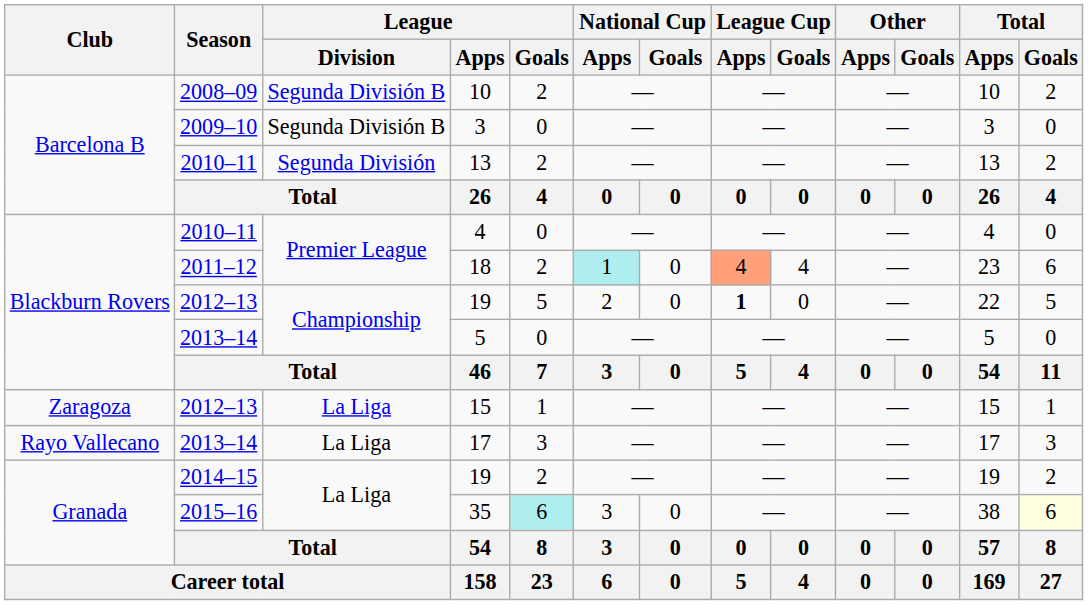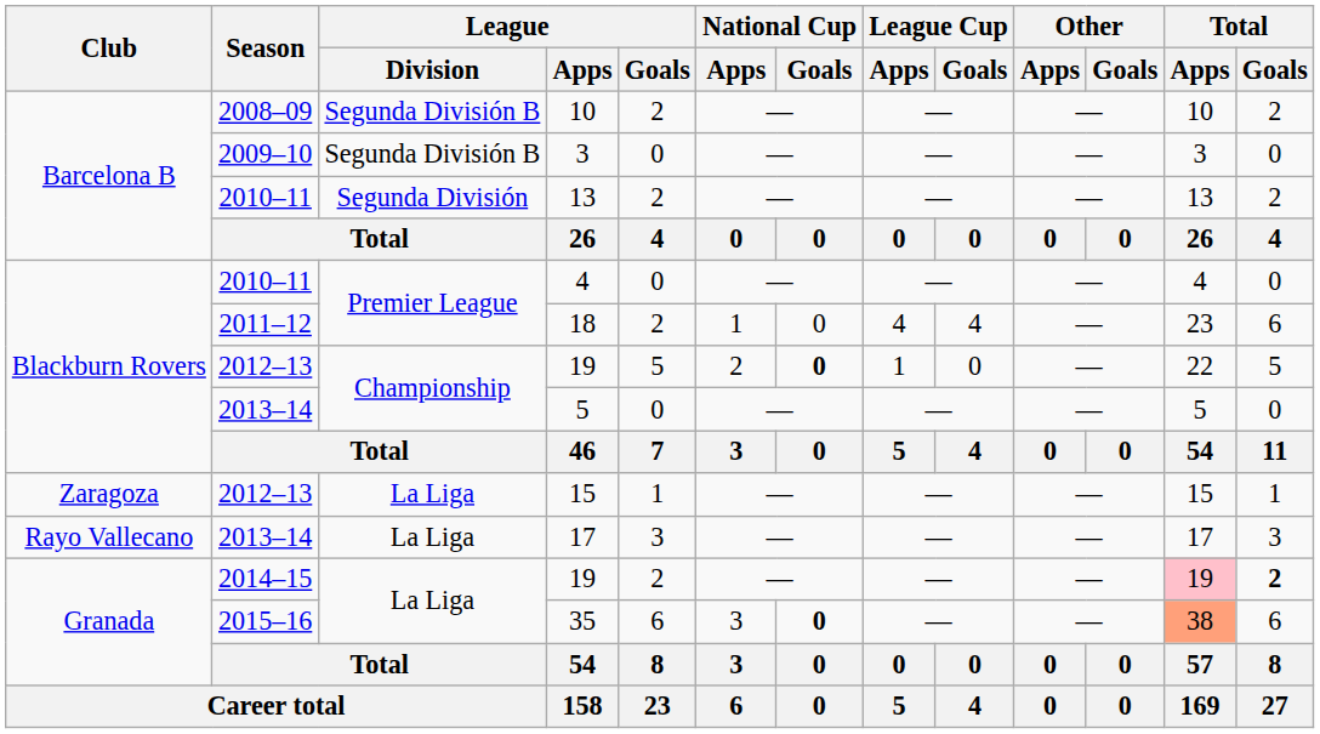 <table class="wikitable" style="text-align: center;">
 <tr>
 <th rowspan="2">Club</th>
 <th rowspan="2">Season</th>
 <th colspan="3">League</th>
 <th colspan="2">National Cup</th>
 <th colspan="2">League Cup</th>
 <th colspan="2">Other</th>
 <th colspan="2">Total</th>
 </tr>
 <tr>
 <th>Division</th>
 <th>Apps</th>
 <th>Goals</th>
 <th>Apps</th>
 <th>Goals</th>
 <th>Apps</th>
 <th>Goals</th>
 <th>Apps</th>
 <th>Goals</th>
 <th>Apps</th>
 <th>Goals</th>
 </tr>
 <tr>
 <td rowspan="4"><a href='#'>Barcelona B</a></td>
 <td><a href='#'>2008–09</a></td>
 <td><a href='#'>Segunda División B</a></td>
 <td>10</td>
 <td>2</td>
 <td colspan="2">—</td>
 <td colspan="2">—</td>
 <td colspan="2">—</td>
 <td>10</td>
 <td>2</td>
 </tr>
 <tr>
 <td><a href='#'>2009–10</a></td>
 <td>Segunda División B</td>
 <td>3</td>
 <td>0</td>
 <td colspan="2">—</td>
 <td colspan="2">—</td>
 <td colspan="2">—</td>
 <td>3</td>
 <td>0</td>
 </tr>
 <tr>
 <td><a href='#'>2010–11</a></td>
 <td><a href='#'>Segunda División</a></td>
 <td>13</td>
 <td>2</td>
 <td colspan="2">—</td>
 <td colspan="2">—</td>
 <td colspan="2">—</td>
 <td>13</td>
 <td>2</td>
 </tr>
 <tr>
 <th colspan="2">Total</th>
 <th>26</th>
 <th>4</th>
 <th>0</th>
 <th>0</th>
 <th>0</th>
 <th>0</th>
 <th>0</th>
 <th>0</th>
 <th>26</th>
 <th>4</th>
 </tr>
 <tr>
 <td rowspan="5"><a href='#'>Blackburn Rovers</a></td>
 <td><a href='#'>2010–11</a></td>
 <td rowspan="2"><a href='#'>Premier League</a></td>
 <td>4</td>
 <td>0</td>
 <td colspan="2">—</td>
 <td colspan="2">—</td>
 <td colspan="2">—</td>
 <td>4</td>
 <td>0</td>
 </tr>
 <tr>
 <td><a href='#'>2011–12</a></td>
 <td>18</td>
 <td>2</td>
-<td style="background: paleturquoise;">1</td>
+<td>1</td>
 <td>0</td>
-<td style="background: lightsalmon;">4</td>
+<td>4</td>
 <td>4</td>
 <td colspan="2">—</td>
 <td>23</td>
 <td>6</td>
 </tr>
 <tr>
 <td><a href='#'>2012–13</a></td>
 <td rowspan="2"><a href='#'>Championship</a></td>
 <td>19</td>
 <td>5</td>
 <td>2</td>
-<td>0</td>
-<td><strong>1</strong></td>
+<td><strong>0</strong></td>
+<td>1</td>
 <td>0</td>
 <td colspan="2">—</td>
 <td>22</td>
 <td>5</td>
 </tr>
 <tr>
 <td><a href='#'>2013–14</a></td>
 <td>5</td>
 <td>0</td>
 <td colspan="2">—</td>
 <td colspan="2">—</td>
 <td colspan="2">—</td>
 <td>5</td>
 <td>0</td>
 </tr>
 <tr>
 <th colspan="2">Total</th>
 <th>46</th>
 <th>7</th>
 <th>3</th>
 <th>0</th>
 <th>5</th>
 <th>4</th>
 <th>0</th>
 <th>0</th>
 <th>54</th>
 <th>11</th>
 </tr>
 <tr>
 <td><a href='#'>Zaragoza</a></td>
 <td><a href='#'>2012–13</a></td>
 <td><a href='#'>La Liga</a></td>
 <td>15</td>
 <td>1</td>
 <td colspan="2">—</td>
 <td colspan="2">—</td>
 <td colspan="2">—</td>
 <td>15</td>
 <td>1</td>
 </tr>
 <tr>
 <td><a href='#'>Rayo Vallecano</a></td>
 <td><a href='#'>2013–14</a></td>
 <td>La Liga</td>
 <td>17</td>
 <td>3</td>
 <td colspan="2">—</td>
 <td colspan="2">—</td>
 <td colspan="2">—</td>
 <td>17</td>
 <td>3</td>
 </tr>
 <tr>
 <td rowspan="3"><a href='#'>Granada</a></td>
 <td><a href='#'>2014–15</a></td>
 <td rowspan="2">La Liga</td>
 <td>19</td>
 <td>2</td>
 <td colspan="2">—</td>
 <td colspan="2">—</td>
 <td colspan="2">—</td>
-<td>19</td>
-<td>2</td>
+<td style="background: pink;">19</td>
+<td><strong>2</strong></td>
 </tr>
 <tr>
 <td><a href='#'>2015–16</a></td>
 <td>35</td>
-<td style="background: paleturquoise;">6</td>
+<td>6</td>
 <td>3</td>
-<td>0</td>
+<td><strong>0</strong></td>
 <td colspan="2">—</td>
 <td colspan="2">—</td>
-<td>38</td>
-<td style="background: lightyellow;">6</td>
+<td style="background: lightsalmon;">38</td>
+<td>6</td>
 </tr>
 <tr>
 <th colspan="2">Total</th>
 <th>54</th>
 <th>8</th>
 <th>3</th>
 <th>0</th>
 <th>0</th>
 <th>0</th>
 <th>0</th>
 <th>0</th>
 <th>57</th>
 <th>8</th>
 </tr>
 <tr>
 <th colspan="3">Career total</th>
 <th>158</th>
 <th>23</th>
 <th>6</th>
 <th>0</th>
 <th>5</th>
 <th>4</th>
 <th>0</th>
 <th>0</th>
 <th>169</th>
 <th>27</th>
 </tr>
 </table>
